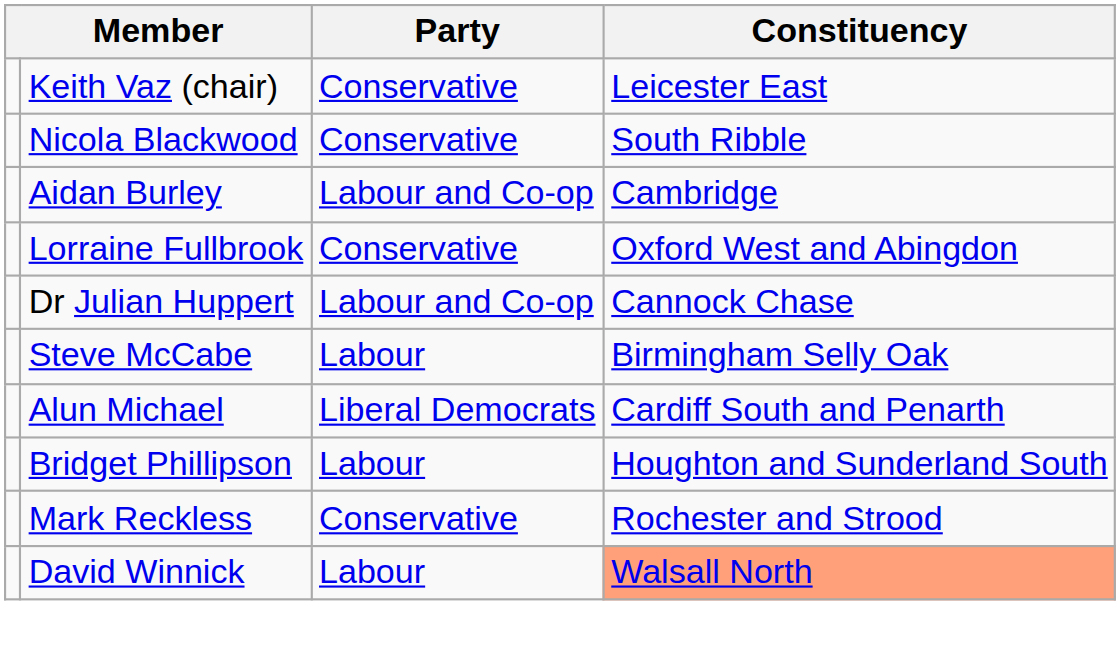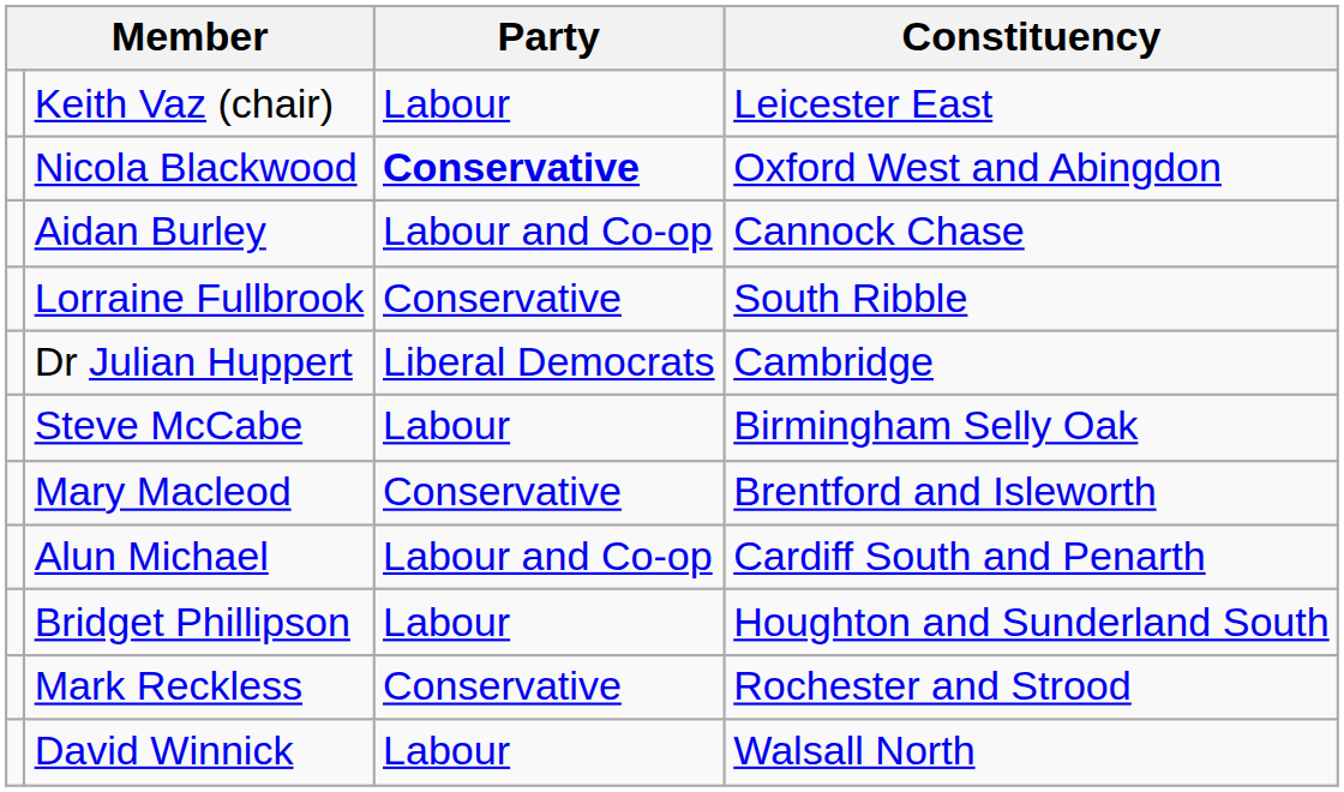 <table class="wikitable">
 <tr>
 <th colspan="2" valign="top">Member</th>
 <th valign="top">Party</th>
 <th valign="top">Constituency</th>
 </tr>
 <tr>
 <td style="color:inherit;background:"></td>
 <td><a href='#'>Keith Vaz</a> (chair)</td>
-<td><a href='#'>Conservative</a></td>
+<td><a href='#'>Labour</a></td>
 <td><a href='#'>Leicester East</a></td>
 </tr>
 <tr>
 <td style="color:inherit;background:"></td>
 <td><a href='#'>Nicola Blackwood</a></td>
+<td><strong><a href='#'>Conservative</a></strong></td>
+<td><a href='#'>Oxford West and Abingdon</a></td>
+</tr>
+<tr>
+<td style="color:inherit;background:"></td>
+<td><a href='#'>Aidan Burley</a></td>
+<td><a href='#'>Labour and Co-op</a></td>
+<td><a href='#'>Cannock Chase</a></td>
+</tr>
+<tr>
+<td style="color:inherit;background:"></td>
+<td><a href='#'>Lorraine Fullbrook</a></td>
 <td><a href='#'>Conservative</a></td>
 <td><a href='#'>South Ribble</a></td>
 </tr>
 <tr>
 <td style="color:inherit;background:"></td>
-<td><a href='#'>Aidan Burley</a></td>
-<td><a href='#'>Labour and Co-op</a></td>
+<td>Dr <a href='#'>Julian Huppert</a></td>
+<td><a href='#'>Liberal Democrats</a></td>
 <td><a href='#'>Cambridge</a></td>
-</tr>
-<tr>
-<td style="color:inherit;background:"></td>
-<td><a href='#'>Lorraine Fullbrook</a></td>
-<td><a href='#'>Conservative</a></td>
-<td><a href='#'>Oxford West and Abingdon</a></td>
-</tr>
-<tr>
-<td style="color:inherit;background:"></td>
-<td>Dr <a href='#'>Julian Huppert</a></td>
-<td><a href='#'>Labour and Co-op</a></td>
-<td><a href='#'>Cannock Chase</a></td>
 </tr>
 <tr>
 <td style="color:inherit;background:"></td>
 <td><a href='#'>Steve McCabe</a></td>
 <td><a href='#'>Labour</a></td>
 <td><a href='#'>Birmingham Selly Oak</a></td>
 </tr>
 <tr>
 <td style="color:inherit;background:"></td>
+<td><a href='#'>Mary Macleod</a></td>
+<td><a href='#'>Conservative</a></td>
+<td><a href='#'>Brentford and Isleworth</a></td>
+</tr>
+<tr>
+<td style="color:inherit;background:"></td>
 <td><a href='#'>Alun Michael</a></td>
-<td><a href='#'>Liberal Democrats</a></td>
+<td><a href='#'>Labour and Co-op</a></td>
 <td><a href='#'>Cardiff South and Penarth</a></td>
 </tr>
 <tr>
 <td style="color:inherit;background:"></td>
 <td><a href='#'>Bridget Phillipson</a></td>
 <td><a href='#'>Labour</a></td>
 <td><a href='#'>Houghton and Sunderland South</a></td>
 </tr>
 <tr>
 <td style="color:inherit;background:"></td>
 <td><a href='#'>Mark Reckless</a></td>
 <td><a href='#'>Conservative</a></td>
 <td><a href='#'>Rochester and Strood</a></td>
 </tr>
 <tr>
 <td style="color:inherit;background:"></td>
 <td><a href='#'>David Winnick</a></td>
 <td><a href='#'>Labour</a></td>
-<td style="background: lightsalmon;"><a href='#'>Walsall North</a></td>
+<td><a href='#'>Walsall North</a></td>
 </tr>
 </table>
